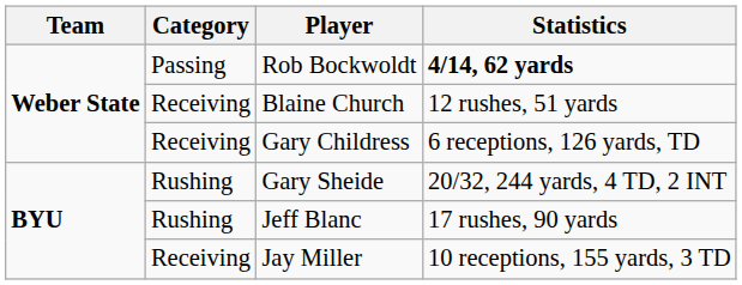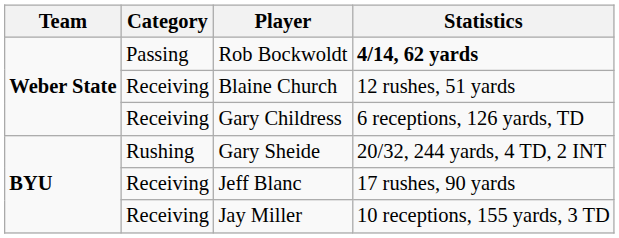 <table class="wikitable" style="float: left;">
 <tr>
 <th>Team</th>
 <th>Category</th>
 <th>Player</th>
 <th>Statistics</th>
 </tr>
 <tr>
 <td rowspan=3><strong>Weber State</strong></td>
 <td>Passing</td>
 <td>Rob Bockwoldt</td>
 <td><strong>4/14, 62 yards</strong></td>
 </tr>
 <tr>
 <td>Receiving</td>
 <td>Blaine Church</td>
 <td>12 rushes, 51 yards</td>
 </tr>
 <tr>
 <td>Receiving</td>
 <td>Gary Childress</td>
 <td>6 receptions, 126 yards, TD</td>
 </tr>
 <tr>
 <td rowspan=3><strong>BYU</strong></td>
 <td>Rushing</td>
 <td>Gary Sheide</td>
 <td>20/32, 244 yards, 4 TD, 2 INT</td>
 </tr>
 <tr>
-<td>Rushing</td>
+<td>Receiving</td>
 <td>Jeff Blanc</td>
 <td>17 rushes, 90 yards</td>
 </tr>
 <tr>
 <td>Receiving</td>
 <td>Jay Miller</td>
 <td>10 receptions, 155 yards, 3 TD</td>
 </tr>
 </table>
